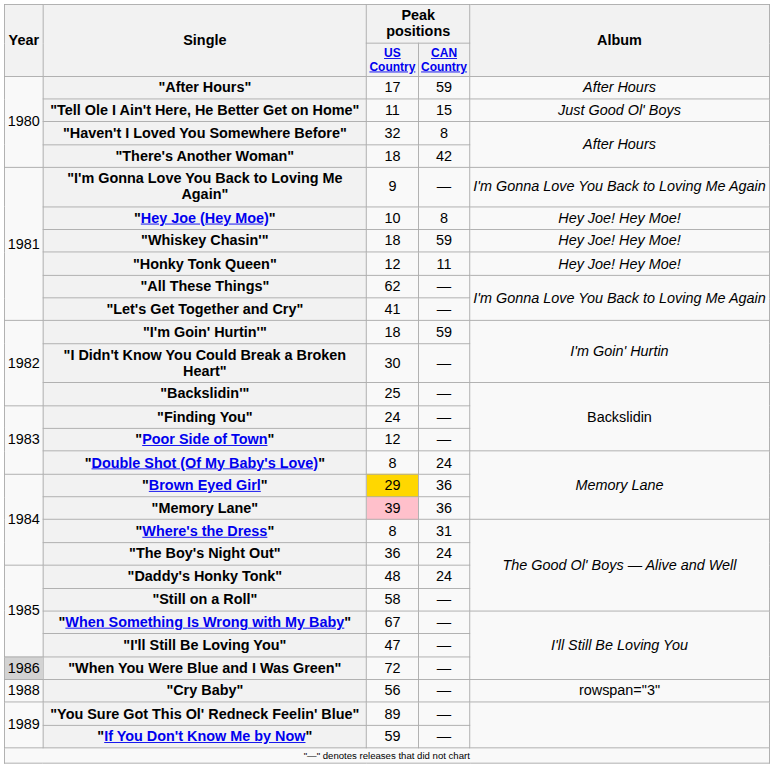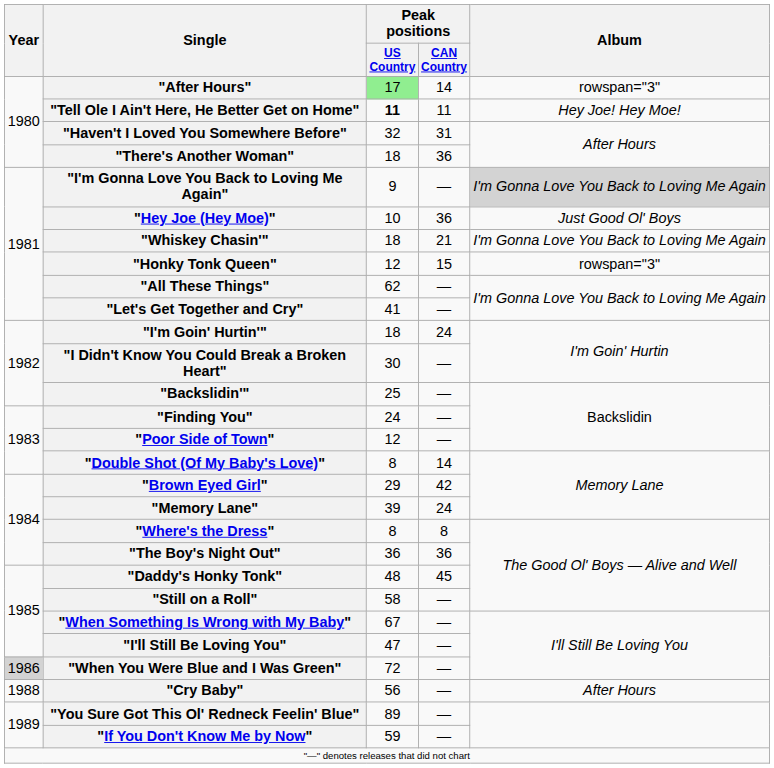 <table class="wikitable plainrowheaders" style="text-align:center;">
 <tr>
 <th rowspan="2">Year</th>
 <th rowspan="2" style="width:22em;">Single</th>
 <th colspan="2">Peak positions</th>
 <th rowspan="2">Album</th>
 </tr>
 <tr style="font-size:smaller;">
 <th width="40"><a href='#'>US Country</a><br></th>
 <th width="40"><a href='#'>CAN Country</a><br></th>
 </tr>
 <tr>
 <td rowspan="4">1980</td>
 <th scope="row">"After Hours"</th>
-<td>17</td>
-<td>59</td>
-<td><em>After Hours</em></td>
+<td style="background: lightgreen;">17</td>
+<td>14</td>
+<td>rowspan="3" </td>
 </tr>
 <tr>
 <th scope="row">"Tell Ole I Ain't Here, He Better Get on Home"<br></th>
+<td><strong>11</strong></td>
 <td>11</td>
-<td>15</td>
-<td><em>Just Good Ol' Boys</em></td>
+<td><em>Hey Joe! Hey Moe!</em></td>
 </tr>
 <tr>
 <th scope="row">"Haven't I Loved You Somewhere Before"</th>
 <td>32</td>
-<td>8</td>
+<td>31</td>
 <td rowspan="2"><em>After Hours</em></td>
 </tr>
 <tr>
 <th scope="row">"There's Another Woman"</th>
 <td>18</td>
-<td>42</td>
+<td>36</td>
 </tr>
 <tr>
 <td rowspan="6">1981</td>
 <th scope="row">"I'm Gonna Love You Back to Loving Me Again"</th>
 <td>9</td>
 <td>—</td>
-<td><em>I'm Gonna Love You Back to Loving Me Again</em></td>
+<td style="background: lightgrey;"><em>I'm Gonna Love You Back to Loving Me Again</em></td>
 </tr>
 <tr>
 <th scope="row">"<a href='#'>Hey Joe (Hey Moe)</a>" </th>
 <td>10</td>
-<td>8</td>
-<td><em>Hey Joe! Hey Moe!</em></td>
+<td>36</td>
+<td><em>Just Good Ol' Boys</em></td>
 </tr>
 <tr>
 <th scope="row">"Whiskey Chasin'"</th>
 <td>18</td>
-<td>59</td>
-<td><em>Hey Joe! Hey Moe!</em></td>
+<td>21</td>
+<td><em>I'm Gonna Love You Back to Loving Me Again</em></td>
 </tr>
 <tr>
 <th scope="row">"Honky Tonk Queen" </th>
 <td>12</td>
-<td>11</td>
-<td><em>Hey Joe! Hey Moe!</em></td>
+<td>15</td>
+<td>rowspan="3" </td>
 </tr>
 <tr>
 <th scope="row">"All These Things" </th>
 <td>62</td>
 <td>—</td>
 <td rowspan="2"><em>I'm Gonna Love You Back to Loving Me Again</em></td>
 </tr>
 <tr>
 <th scope="row">"Let's Get Together and Cry"</th>
 <td>41</td>
 <td>—</td>
 </tr>
 <tr>
 <td rowspan="3">1982</td>
 <th scope="row">"I'm Goin' Hurtin'"</th>
 <td>18</td>
-<td>59</td>
+<td>24</td>
 <td rowspan="2"><em>I'm Goin' Hurtin<strong></td>
 </tr>
 <tr>
 <th scope="row">"I Didn't Know You Could Break a Broken Heart"</th>
 <td>30</td>
 <td>—</td>
 </tr>
 <tr>
 <th scope="row">"Backslidin'"</th>
 <td>25</td>
 <td>—</td>
 <td rowspan="3"></em>Backslidin</strong></td>
 </tr>
 <tr>
 <td rowspan="3">1983</td>
 <th scope="row">"Finding You"</th>
 <td>24</td>
 <td>—</td>
 </tr>
 <tr>
 <th scope="row">"<a href='#'>Poor Side of Town</a>"</th>
 <td>12</td>
 <td>—</td>
 </tr>
 <tr>
 <th scope="row">"<a href='#'>Double Shot (Of My Baby's Love)</a>"</th>
 <td>8</td>
-<td>24</td>
+<td>14</td>
 <td rowspan="3"><em>Memory Lane</em></td>
 </tr>
 <tr>
 <td rowspan="4">1984</td>
 <th scope="row">"<a href='#'>Brown Eyed Girl</a>"</th>
-<td style="background: gold;">29</td>
-<td>36</td>
+<td>29</td>
+<td>42</td>
 </tr>
 <tr>
 <th scope="row">"Memory Lane" </th>
-<td style="background: pink;">39</td>
-<td>36</td>
+<td>39</td>
+<td>24</td>
 </tr>
 <tr>
 <th scope="row">"<a href='#'>Where's the Dress</a>" </th>
 <td>8</td>
-<td>31</td>
+<td>8</td>
 <td rowspan="4"><em>The Good Ol' Boys — Alive and Well</em></td>
 </tr>
 <tr>
 <th scope="row">"The Boy's Night Out" </th>
 <td>36</td>
-<td>24</td>
+<td>36</td>
 </tr>
 <tr>
 <td rowspan="4">1985</td>
 <th scope="row">"Daddy's Honky Tonk" </th>
 <td>48</td>
-<td>24</td>
+<td>45</td>
 </tr>
 <tr>
 <th scope="row">"Still on a Roll" </th>
 <td>58</td>
 <td>—</td>
 </tr>
 <tr>
 <th scope="row">"<a href='#'>When Something Is Wrong with My Baby</a>"</th>
 <td>67</td>
 <td>—</td>
 <td rowspan="3"><em>I'll Still Be Loving You</em></td>
 </tr>
 <tr>
 <th scope="row">"I'll Still Be Loving You"</th>
 <td>47</td>
 <td>—</td>
 </tr>
 <tr>
 <td style="background: lightgrey;">1986</td>
 <th scope="row">"When You Were Blue and I Was Green"</th>
 <td>72</td>
 <td>—</td>
 </tr>
 <tr>
 <td>1988</td>
 <th scope="row">"Cry Baby"</th>
 <td>56</td>
 <td>—</td>
-<td>rowspan="3" </td>
+<td><em>After Hours</em></td>
 </tr>
 <tr>
 <td rowspan="2">1989</td>
 <th scope="row">"You Sure Got This Ol' Redneck Feelin' Blue"</th>
 <td>89</td>
 <td>—</td>
 </tr>
 <tr>
 <th scope="row">"<a href='#'>If You Don't Know Me by Now</a>"</th>
 <td>59</td>
 <td>—</td>
 </tr>
 <tr>
 <td colspan="5" style="font-size:8pt">"—" denotes releases that did not chart</td>
 </tr>
 </table>
